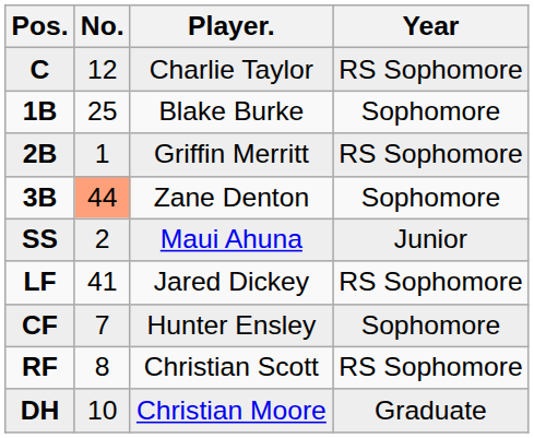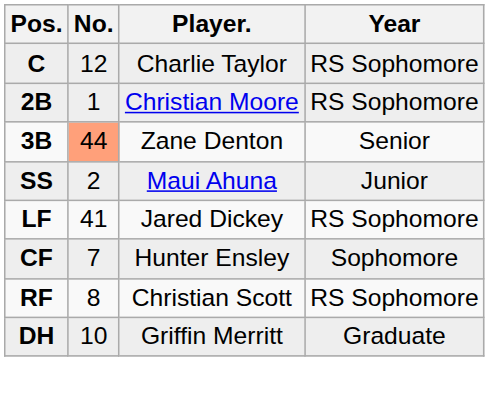 <table class="wikitable non-sortable">
 <tr>
 <th style="text-align:center; ">Pos.</th>
 <th style="text-align:center; ">No.</th>
 <th style="text-align:center; ">Player.</th>
 <th style="text-align:center; ">Year</th>
 </tr>
 <tr style="background:#eeeeee;text-align:center;">
 <td><strong>C</strong></td>
 <td>12</td>
 <td>Charlie Taylor</td>
 <td>RS Sophomore</td>
 </tr>
-<tr style="text-align:center;">
-<td><strong>1B</strong></td>
-<td>25</td>
-<td>Blake Burke</td>
-<td>Sophomore</td>
-</tr>
 <tr style="background:#eeeeee;text-align:center;">
 <td><strong>2B</strong></td>
 <td>1</td>
-<td>Griffin Merritt</td>
+<td><a href='#'>Christian Moore</a></td>
 <td>RS Sophomore</td>
 </tr>
 <tr style="text-align:center;">
 <td><strong>3B</strong></td>
 <td style="background: lightsalmon;">44</td>
 <td>Zane Denton</td>
-<td>Sophomore</td>
+<td>Senior</td>
 </tr>
 <tr style="background:#eeeeee;text-align:center;">
 <td><strong>SS</strong></td>
 <td>2</td>
 <td><a href='#'>Maui Ahuna</a></td>
 <td>Junior</td>
 </tr>
 <tr style="text-align:center;">
 <td><strong>LF</strong></td>
 <td>41</td>
 <td>Jared Dickey</td>
 <td>RS Sophomore</td>
 </tr>
 <tr style="background:#eeeeee;text-align:center;">
 <td><strong>CF</strong></td>
 <td>7</td>
 <td>Hunter Ensley</td>
 <td>Sophomore</td>
 </tr>
 <tr style="text-align:center;">
 <td><strong>RF</strong></td>
 <td>8</td>
 <td>Christian Scott</td>
 <td>RS Sophomore</td>
 </tr>
 <tr style="background:#eeeeee;text-align:center;">
 <td><strong>DH</strong></td>
 <td>10</td>
-<td><a href='#'>Christian Moore</a></td>
+<td>Griffin Merritt</td>
 <td>Graduate</td>
 </tr>
 </table>
